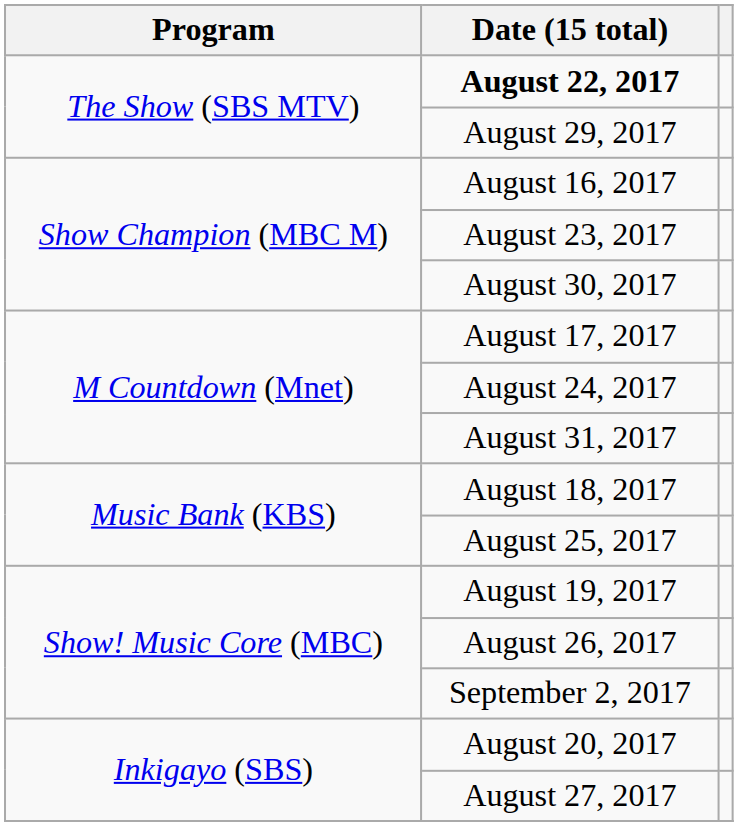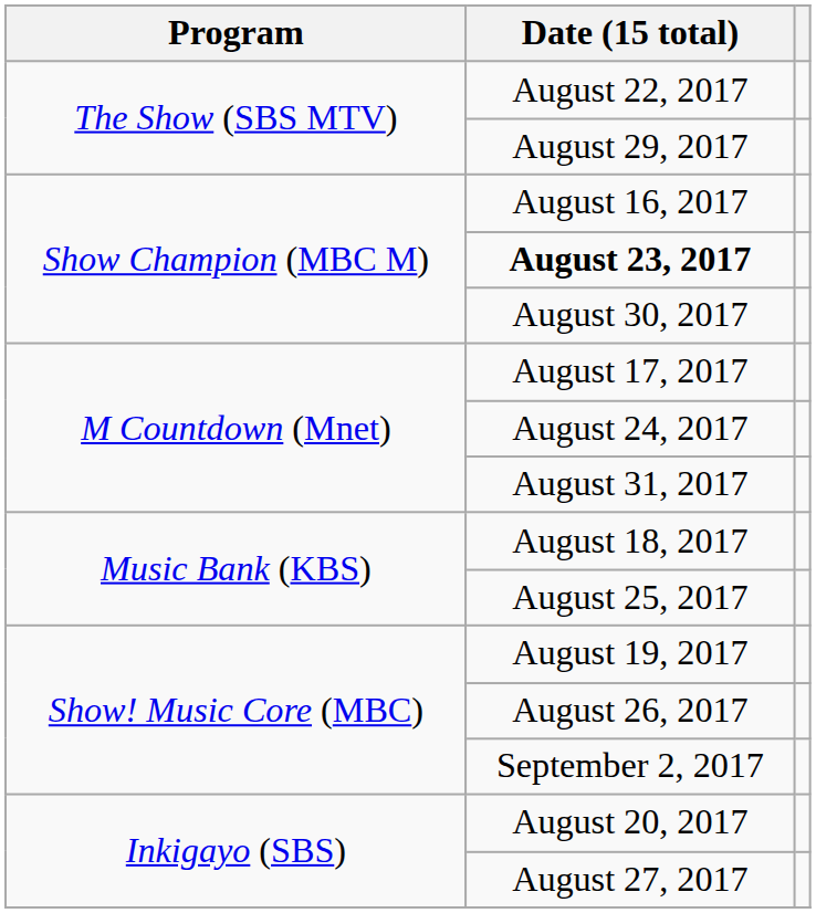 <table class="wikitable" style="text-align:center">
 <tr>
 <th width="200">Program</th>
 <th width="140">Date (15 total)</th>
 <th></th>
 </tr>
 <tr>
 <td rowspan="2"><em><a href='#'>The Show</a></em> (<a href='#'>SBS MTV</a>)</td>
-<td><strong>August 22, 2017</strong></td>
+<td>August 22, 2017</td>
 <td></td>
 </tr>
 <tr>
 <td>August 29, 2017</td>
 <td></td>
 </tr>
 <tr>
 <td rowspan="3"><em><a href='#'>Show Champion</a></em> (<a href='#'>MBC M</a>)</td>
 <td>August 16, 2017</td>
 <td></td>
 </tr>
 <tr>
-<td>August 23, 2017</td>
+<td><strong>August 23, 2017</strong></td>
 <td></td>
 </tr>
 <tr>
 <td>August 30, 2017</td>
 <td></td>
 </tr>
 <tr>
 <td rowspan="3"><em><a href='#'>M Countdown</a></em> (<a href='#'>Mnet</a>)</td>
 <td>August 17, 2017</td>
 <td></td>
 </tr>
 <tr>
 <td>August 24, 2017</td>
 <td></td>
 </tr>
 <tr>
 <td>August 31, 2017</td>
 <td></td>
 </tr>
 <tr>
 <td rowspan="2"><em><a href='#'>Music Bank</a></em> (<a href='#'>KBS</a>)</td>
 <td>August 18, 2017</td>
 <td></td>
 </tr>
 <tr>
 <td>August 25, 2017</td>
 <td></td>
 </tr>
 <tr>
 <td rowspan="3"><em><a href='#'>Show! Music Core</a></em> (<a href='#'>MBC</a>)</td>
 <td>August 19, 2017</td>
 <td></td>
 </tr>
 <tr>
 <td>August 26, 2017</td>
 <td></td>
 </tr>
 <tr>
 <td>September 2, 2017</td>
 <td></td>
 </tr>
 <tr>
 <td rowspan="2"><em><a href='#'>Inkigayo</a></em> (<a href='#'>SBS</a>)</td>
 <td>August 20, 2017</td>
 <td></td>
 </tr>
 <tr>
 <td>August 27, 2017</td>
 <td></td>
 </tr>
 <tr>
 </tr>
 </table>
